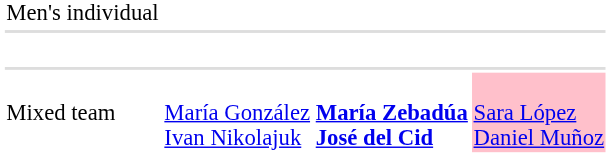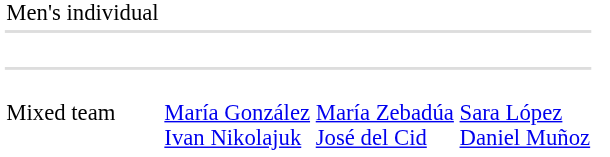 <table>
 <tr>
 <td>Men's individual<br></td>
 <td></td>
 <td></td>
 <td></td>
 </tr>
 <tr bgcolor=#DDDDDD>
 <td colspan=7></td>
 </tr>
 <tr>
 <td><br></td>
 <td></td>
 <td></td>
 <td></td>
 </tr>
 <tr bgcolor=#DDDDDD>
 <td colspan=7></td>
 </tr>
 <tr>
 <td>Mixed team<br></td>
 <td><br><a href='#'>María González</a><br><a href='#'>Ivan Nikolajuk</a></td>
-<td><strong><br><a href='#'>María Zebadúa</a><br><a href='#'>José del Cid</a></strong></td>
-<td style="background: pink;"><br><a href='#'>Sara López</a><br><a href='#'>Daniel Muñoz</a></td>
+<td><br><a href='#'>María Zebadúa</a><br><a href='#'>José del Cid</a></td>
+<td><br><a href='#'>Sara López</a><br><a href='#'>Daniel Muñoz</a></td>
 </tr>
 </table>
